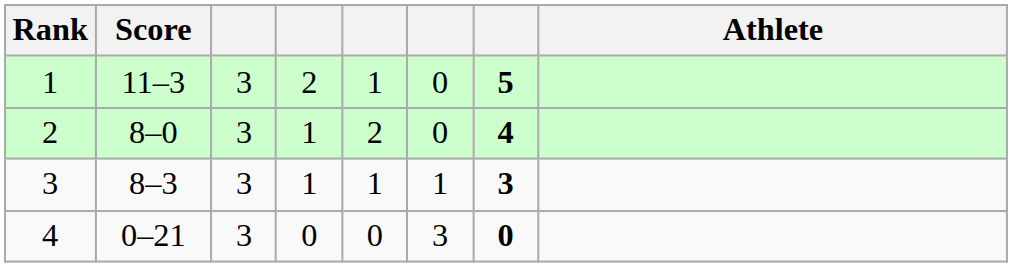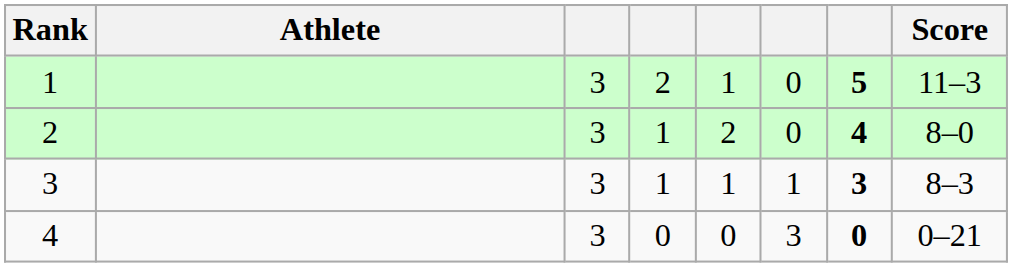 <table class="wikitable" style="text-align: center;">
 <tr>
 <th width=25>Rank</th>
-<th width=50>Score</th>
+<th width=225>Athlete</th>
 <th width=25></th>
 <th width=25></th>
 <th width=25></th>
 <th width=25></th>
 <th width=25></th>
-<th width=225>Athlete</th>
+<th width=50>Score</th>
 </tr>
 <tr bgcolor=ccffcc>
 <td>1</td>
-<td>11–3</td>
+<td align=left></td>
 <td>3</td>
 <td>2</td>
 <td>1</td>
 <td>0</td>
 <td><strong>5</strong></td>
-<td align=left></td>
+<td>11–3</td>
 </tr>
 <tr bgcolor=ccffcc>
 <td>2</td>
-<td>8–0</td>
+<td align=left></td>
 <td>3</td>
 <td>1</td>
 <td>2</td>
 <td>0</td>
 <td><strong>4</strong></td>
-<td align=left></td>
+<td>8–0</td>
 </tr>
 <tr>
 <td>3</td>
-<td>8–3</td>
+<td align=left></td>
 <td>3</td>
 <td>1</td>
 <td>1</td>
 <td>1</td>
 <td><strong>3</strong></td>
-<td align=left></td>
+<td>8–3</td>
 </tr>
 <tr>
 <td>4</td>
-<td>0–21</td>
+<td align=left></td>
 <td>3</td>
 <td>0</td>
 <td>0</td>
 <td>3</td>
 <td><strong>0</strong></td>
-<td align=left></td>
+<td>0–21</td>
 </tr>
 </table>
